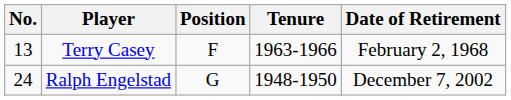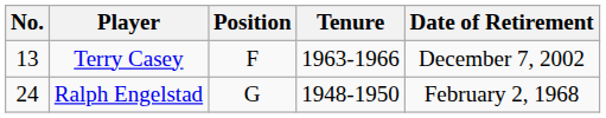 <table class="wikitable sortable">
 <tr>
 <th>No.</th>
 <th>Player</th>
 <th>Position</th>
 <th>Tenure</th>
 <th>Date of Retirement</th>
 </tr>
 <tr align="center">
 <td>13</td>
 <td><a href='#'>Terry Casey</a></td>
 <td>F</td>
 <td>1963-1966</td>
-<td>February 2, 1968</td>
+<td>December 7, 2002</td>
 </tr>
 <tr align="center">
 <td>24</td>
 <td><a href='#'>Ralph Engelstad</a></td>
 <td>G</td>
 <td>1948-1950</td>
-<td>December 7, 2002</td>
+<td>February 2, 1968</td>
 </tr>
 </table>
